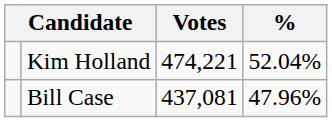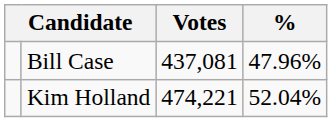 <table class="wikitable">
 <tr>
 <th colspan="2" rowspan="1" align="center" valign="top"><strong>Candidate</strong></th>
 <th valign="top"><strong>Votes</strong></th>
 <th valign="top"><strong>%</strong></th>
 </tr>
 <tr>
 <td style="background-color:"> </td>
+<td>Bill Case</td>
+<td>437,081</td>
+<td>47.96%</td>
+</tr>
+<tr>
+<td style="background-color:"> </td>
 <td>Kim Holland</td>
 <td>474,221</td>
 <td>52.04%</td>
 </tr>
-<tr>
-<td style="background-color:"> </td>
-<td>Bill Case</td>
-<td>437,081</td>
-<td>47.96%</td>
-</tr>
 </table>
